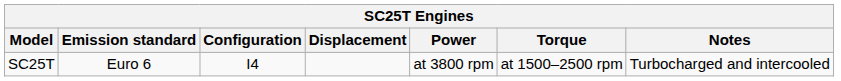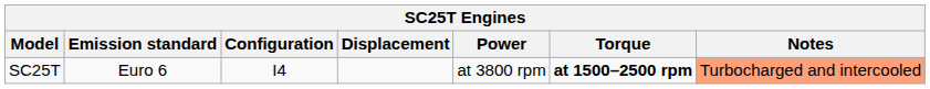 <table class="wikitable" style="text-align:center; font-size:100%;">
 <tr>
 <th colspan=8>SC25T Engines</th>
 </tr>
 <tr style="background:#dcdcdc; text-align:center; vertical-align:middle;">
 <th>Model</th>
 <th>Emission standard</th>
 <th>Configuration</th>
 <th>Displacement</th>
 <th>Power</th>
 <th>Torque</th>
 <th>Notes</th>
 </tr>
 <tr>
 <td>SC25T</td>
 <td>Euro 6</td>
 <td>I4</td>
 <td></td>
 <td> at 3800 rpm</td>
-<td> at 1500–2500 rpm</td>
-<td>Turbocharged and intercooled</td>
+<td><strong> at 1500–2500 rpm</strong></td>
+<td style="background: lightsalmon;">Turbocharged and intercooled</td>
 </tr>
 </table>
